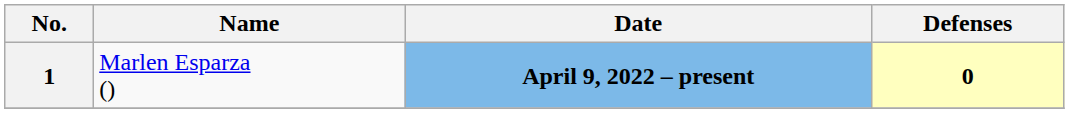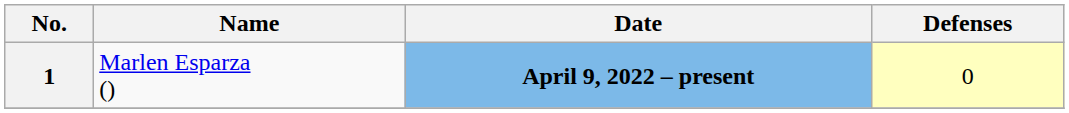 <table class="wikitable sortable" style="width:80%;">
 <tr>
 <th>No.</th>
 <th>Name</th>
 <th>Date</th>
 <th>Defenses</th>
 </tr>
 <tr align=center>
 <th>1</th>
 <td align=left> <a href='#'>Marlen Esparza</a><br>()</td>
 <td style="background:#7CB9E8;"><strong>April 9, 2022 – present</strong></td>
-<td style="background:#ffffbf;"><strong>0</strong></td>
+<td style="background:#ffffbf;">0</td>
 </tr>
 <tr>
 </tr>
 </table>
